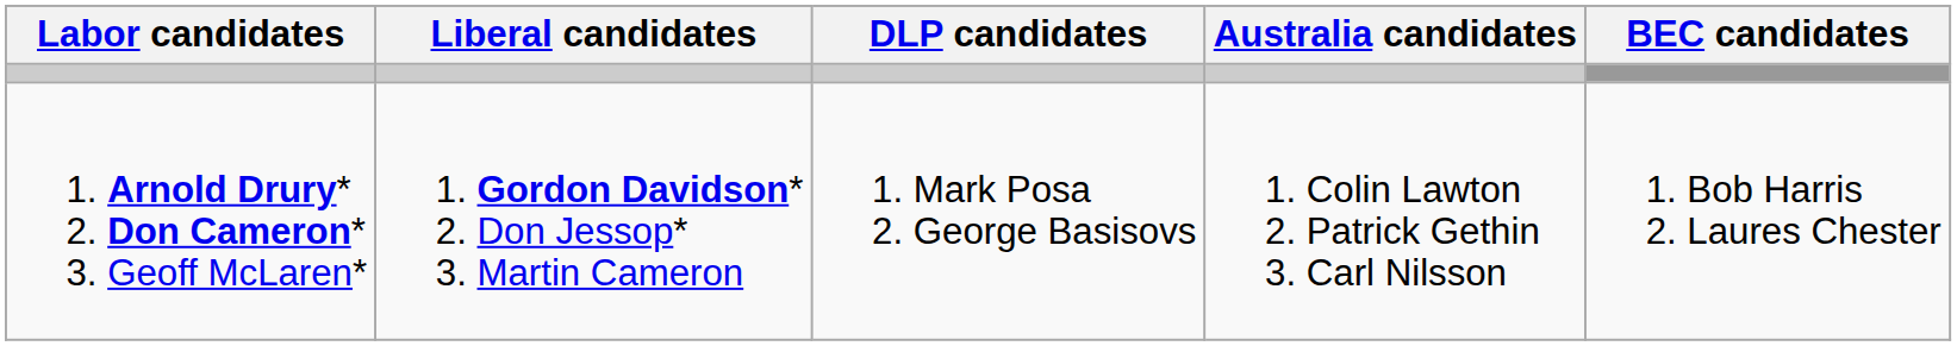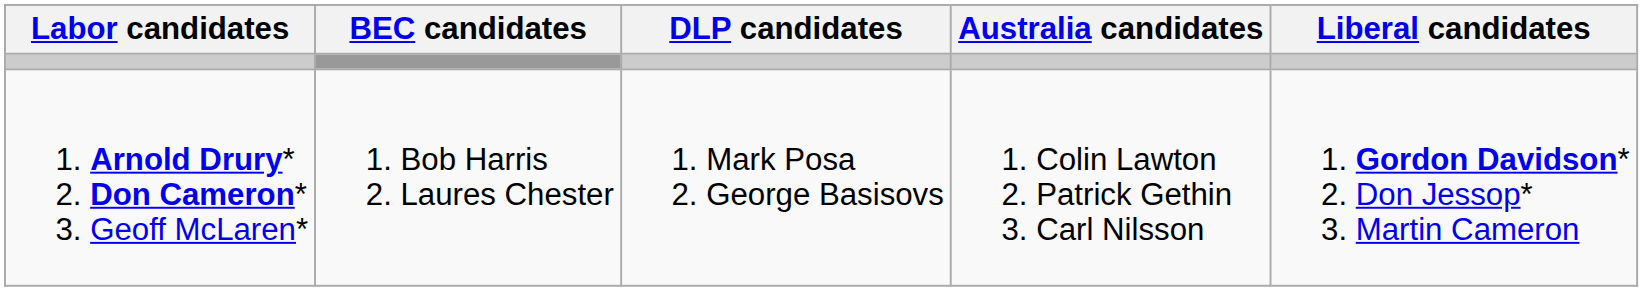 <table class="wikitable">
 <tr>
 <th><a href='#'>Labor</a> candidates</th>
-<th><a href='#'>Liberal</a> candidates</th>
+<th><a href='#'>BEC</a> candidates</th>
 <th><a href='#'>DLP</a> candidates</th>
 <th><a href='#'>Australia</a> candidates</th>
-<th><a href='#'>BEC</a> candidates</th>
+<th><a href='#'>Liberal</a> candidates</th>
 </tr>
 <tr bgcolor="#cccccc">
 <td></td>
+<td bgcolor="#999999"></td>
 <td></td>
 <td></td>
 <td></td>
-<td bgcolor="#999999"></td>
 </tr>
 <tr>
 <td><br><ol><li><strong><a href='#'>Arnold Drury</a></strong>*</li><li><strong><a href='#'>Don Cameron</a></strong>*</li><li><a href='#'>Geoff McLaren</a>*</li></ol></td>
-<td><br><ol><li><strong><a href='#'>Gordon Davidson</a></strong>*</li><li><a href='#'>Don Jessop</a>*</li><li><a href='#'>Martin Cameron</a></li></ol></td>
+<td valign=top><br><ol><li>Bob Harris</li><li>Laures Chester</li></ol></td>
 <td valign=top><br><ol><li>Mark Posa</li><li>George Basisovs</li></ol></td>
 <td valign=top><br><ol><li>Colin Lawton</li><li>Patrick Gethin</li><li>Carl Nilsson</li></ol></td>
-<td valign=top><br><ol><li>Bob Harris</li><li>Laures Chester</li></ol></td>
+<td><br><ol><li><strong><a href='#'>Gordon Davidson</a></strong>*</li><li><a href='#'>Don Jessop</a>*</li><li><a href='#'>Martin Cameron</a></li></ol></td>
 </tr>
 </table>
